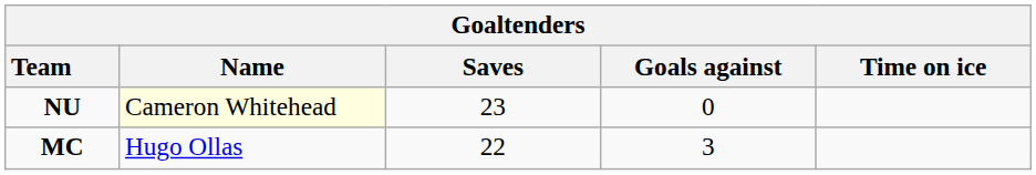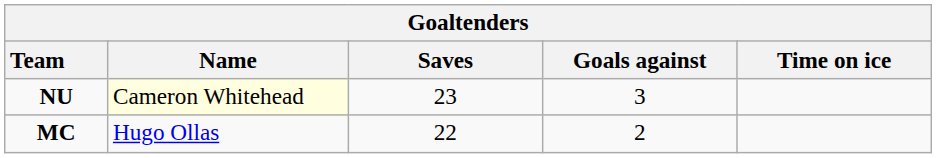 <table class="wikitable" style="width:40em; text-align:right;">
 <tr>
 <th colspan=5>Goaltenders</th>
 </tr>
 <tr>
 <th style="width:4em; text-align:left;">Team</th>
 <th style="width:10em;">Name</th>
 <th style="width:8em;">Saves</th>
 <th style="width:8em;">Goals against</th>
 <th style="width:8em;">Time on ice</th>
 </tr>
 <tr>
 <td align=center><strong>NU</strong></td>
 <td style="background: lightyellow; text-align:left;">Cameron Whitehead</td>
 <td align=center>23</td>
-<td align=center>0</td>
+<td align=center>3</td>
 <td align=center></td>
 </tr>
 <tr>
 <td align=center><strong>MC</strong></td>
 <td style="text-align:left;"><a href='#'>Hugo Ollas</a></td>
 <td align=center>22</td>
-<td align=center>3</td>
+<td align=center>2</td>
 <td align=center></td>
 </tr>
 </table>
